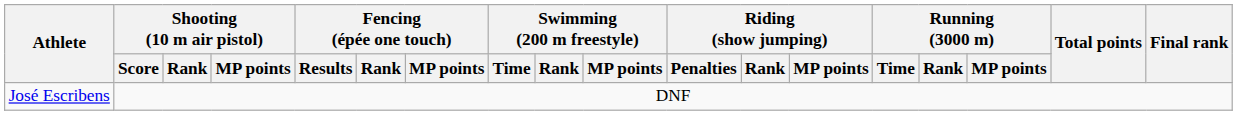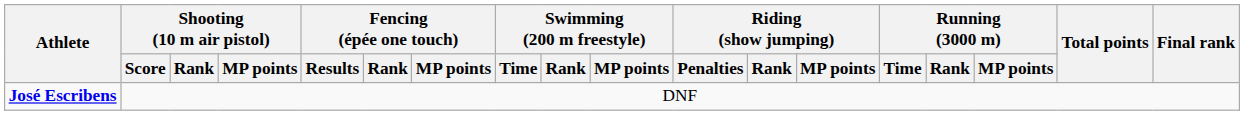 <table class="wikitable" border="1" style="font-size:90%">
 <tr>
 <th rowspan=2>Athlete</th>
 <th colspan=3>Shooting<br>(10 m air pistol)</th>
 <th colspan=3>Fencing<br>(épée one touch)</th>
 <th colspan=3>Swimming<br>(200 m freestyle)</th>
 <th colspan=3>Riding<br>(show jumping)</th>
 <th colspan=3>Running<br>(3000 m)</th>
 <th rowspan=2>Total points</th>
 <th rowspan=2>Final rank</th>
 </tr>
 <tr>
 <th>Score</th>
 <th>Rank</th>
 <th>MP points</th>
 <th>Results</th>
 <th>Rank</th>
 <th>MP points</th>
 <th>Time</th>
 <th>Rank</th>
 <th>MP points</th>
 <th>Penalties</th>
 <th>Rank</th>
 <th>MP points</th>
 <th>Time</th>
 <th>Rank</th>
 <th>MP points</th>
 </tr>
 <tr>
-<td><a href='#'>José Escribens</a></td>
+<td><strong><a href='#'>José Escribens</a></strong></td>
 <td align=center colspan=17>DNF</td>
 </tr>
 </table>
